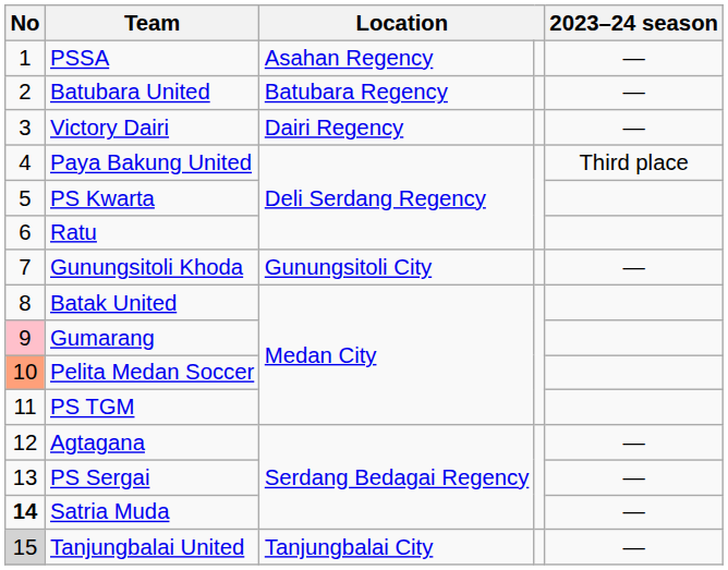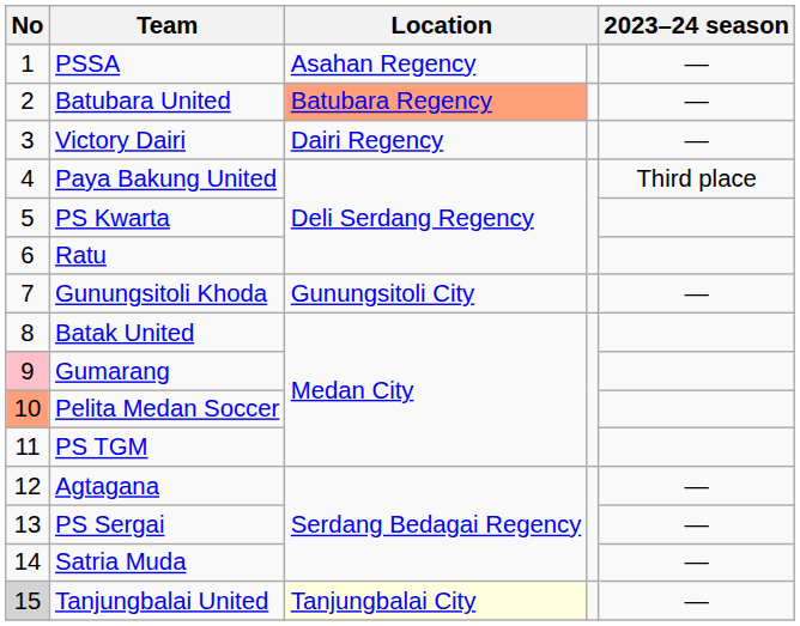 <table class="wikitable sortable" style="font-size:90%;">
 <tr>
 <th>No</th>
 <th>Team</th>
 <th colspan="2">Location</th>
 <th>2023–24 season</th>
 </tr>
 <tr>
 <td align="center">1</td>
 <td><a href='#'>PSSA</a></td>
 <td><a href='#'>Asahan Regency</a></td>
 <td></td>
 <td align="center">—</td>
 </tr>
 <tr>
 <td align="center">2</td>
 <td><a href='#'>Batubara United</a></td>
-<td><a href='#'>Batubara Regency</a></td>
+<td style="background: lightsalmon;"><a href='#'>Batubara Regency</a></td>
 <td></td>
 <td align="center">—</td>
 </tr>
 <tr>
 <td align="center">3</td>
 <td><a href='#'>Victory Dairi</a></td>
 <td><a href='#'>Dairi Regency</a></td>
 <td></td>
 <td align="center">—</td>
 </tr>
 <tr>
 <td align="center">4</td>
 <td><a href='#'>Paya Bakung United</a></td>
 <td rowspan="3"><a href='#'>Deli Serdang Regency</a></td>
 <td rowspan="3"></td>
 <td align=center>Third place</td>
 </tr>
 <tr>
 <td align="center">5</td>
 <td><a href='#'>PS Kwarta</a></td>
 <td align=center></td>
 </tr>
 <tr>
 <td align="center">6</td>
 <td><a href='#'>Ratu</a></td>
 <td align=center></td>
 </tr>
 <tr>
 <td align="center">7</td>
 <td><a href='#'>Gunungsitoli Khoda</a></td>
 <td><a href='#'>Gunungsitoli City</a></td>
 <td></td>
 <td align="center">—</td>
 </tr>
 <tr>
 <td align="center">8</td>
 <td><a href='#'>Batak United</a></td>
 <td rowspan="4"><a href='#'>Medan City</a></td>
 <td rowspan="4"></td>
 <td align=center></td>
 </tr>
 <tr>
 <td align="center" style="background: pink;">9</td>
 <td><a href='#'>Gumarang</a></td>
 <td align=center></td>
 </tr>
 <tr>
 <td align="center" style="background: lightsalmon;">10</td>
 <td><a href='#'>Pelita Medan Soccer</a></td>
 <td align=center></td>
 </tr>
 <tr>
 <td align="center">11</td>
 <td><a href='#'>PS TGM</a></td>
 <td align=center></td>
 </tr>
 <tr>
 <td align="center">12</td>
 <td><a href='#'>Agtagana</a></td>
 <td rowspan="3"><a href='#'>Serdang Bedagai Regency</a></td>
 <td rowspan="3"></td>
 <td align="center">—</td>
 </tr>
 <tr>
 <td align="center">13</td>
 <td><a href='#'>PS Sergai</a></td>
 <td align="center">—</td>
 </tr>
 <tr>
-<td align="center"><strong>14</strong></td>
+<td align="center">14</td>
 <td><a href='#'>Satria Muda</a></td>
 <td align="center">—</td>
 </tr>
 <tr>
 <td align="center" style="background: lightgrey;">15</td>
 <td><a href='#'>Tanjungbalai United</a></td>
-<td><a href='#'>Tanjungbalai City</a></td>
+<td style="background: lightyellow;"><a href='#'>Tanjungbalai City</a></td>
 <td></td>
 <td align="center">—</td>
 </tr>
 </table>
